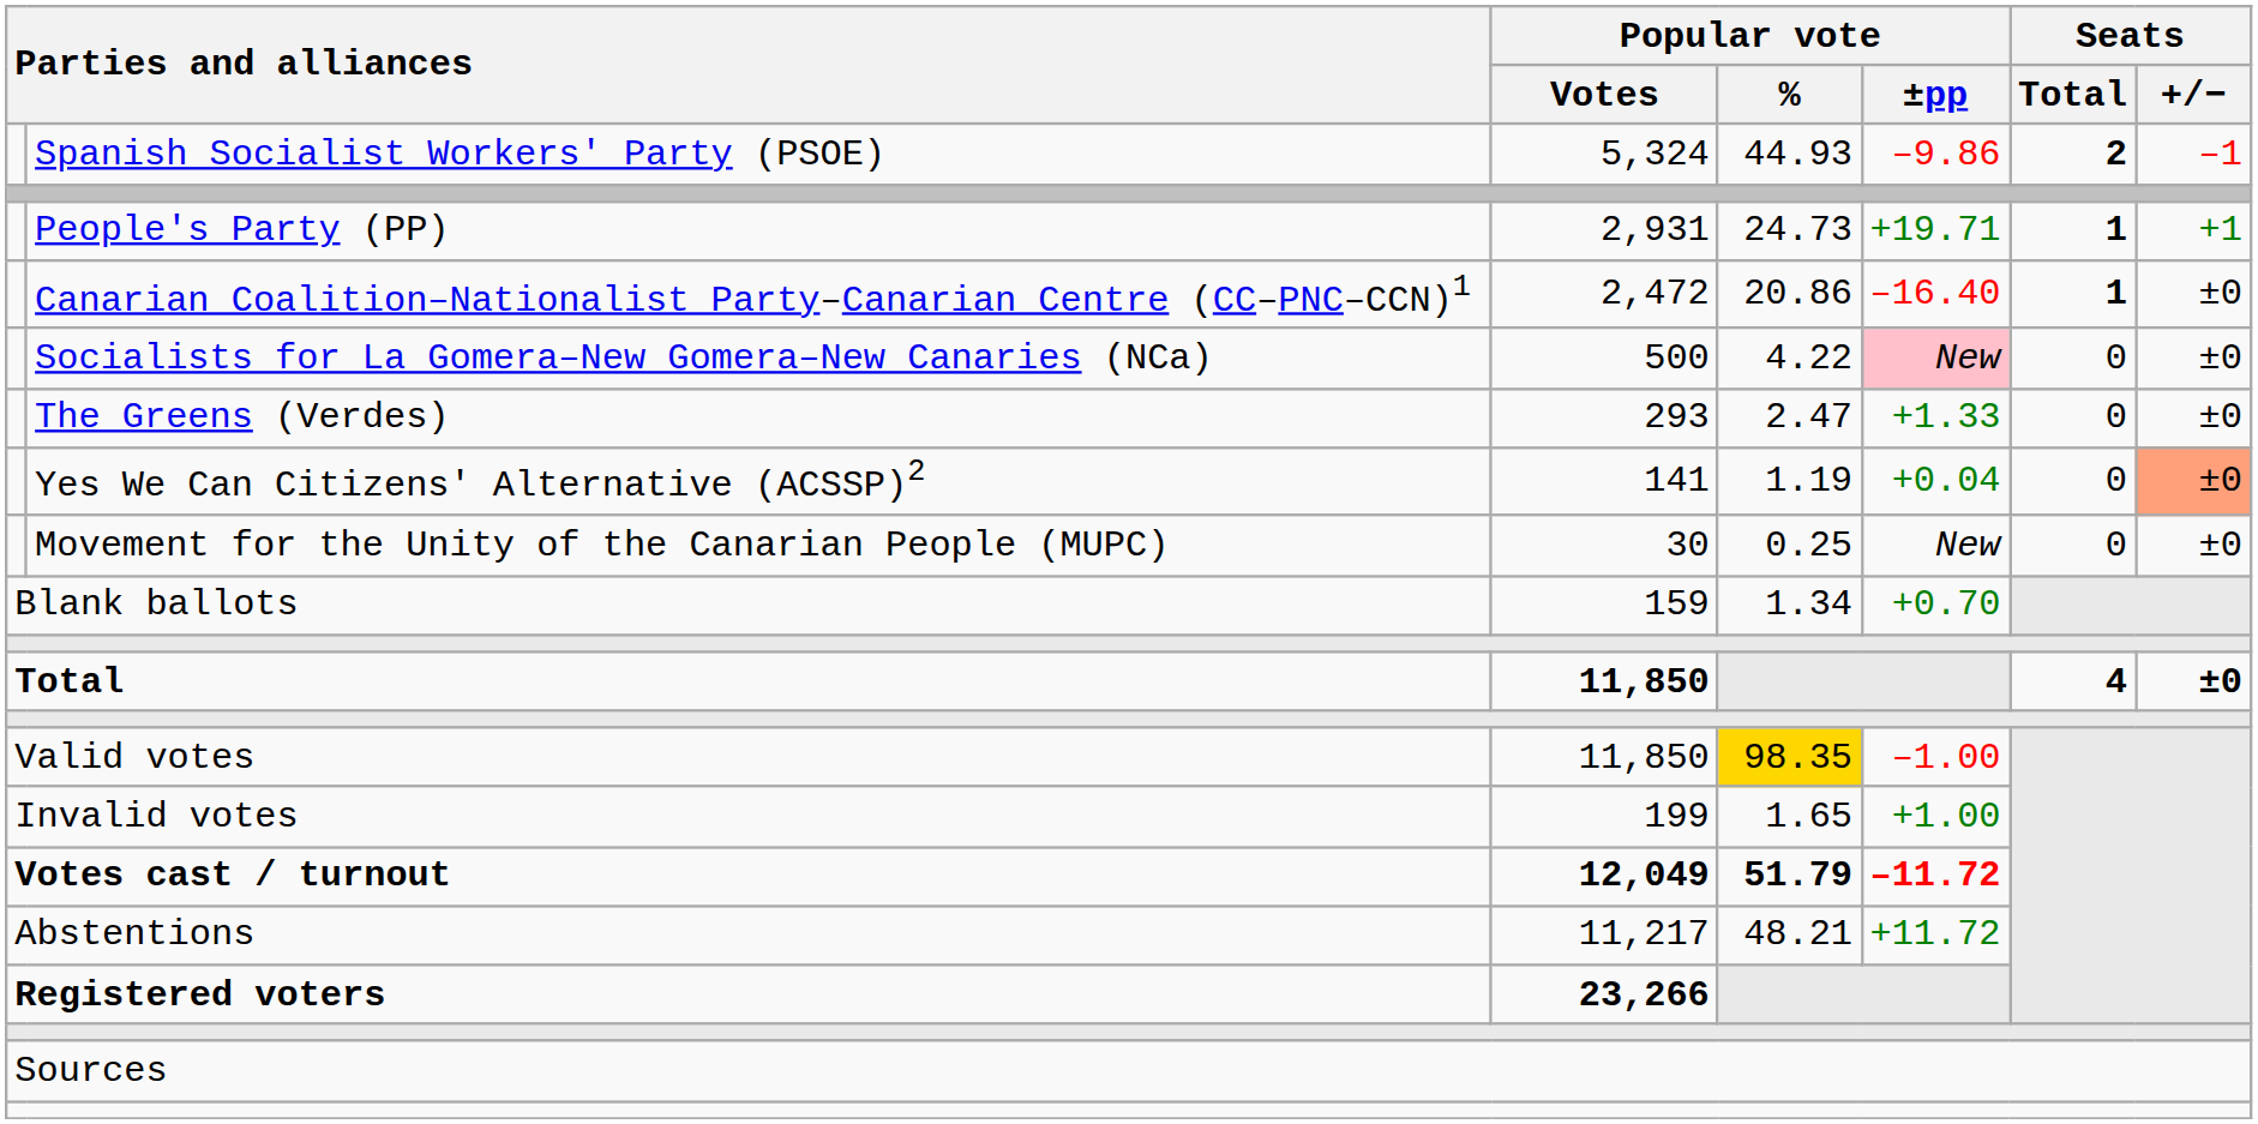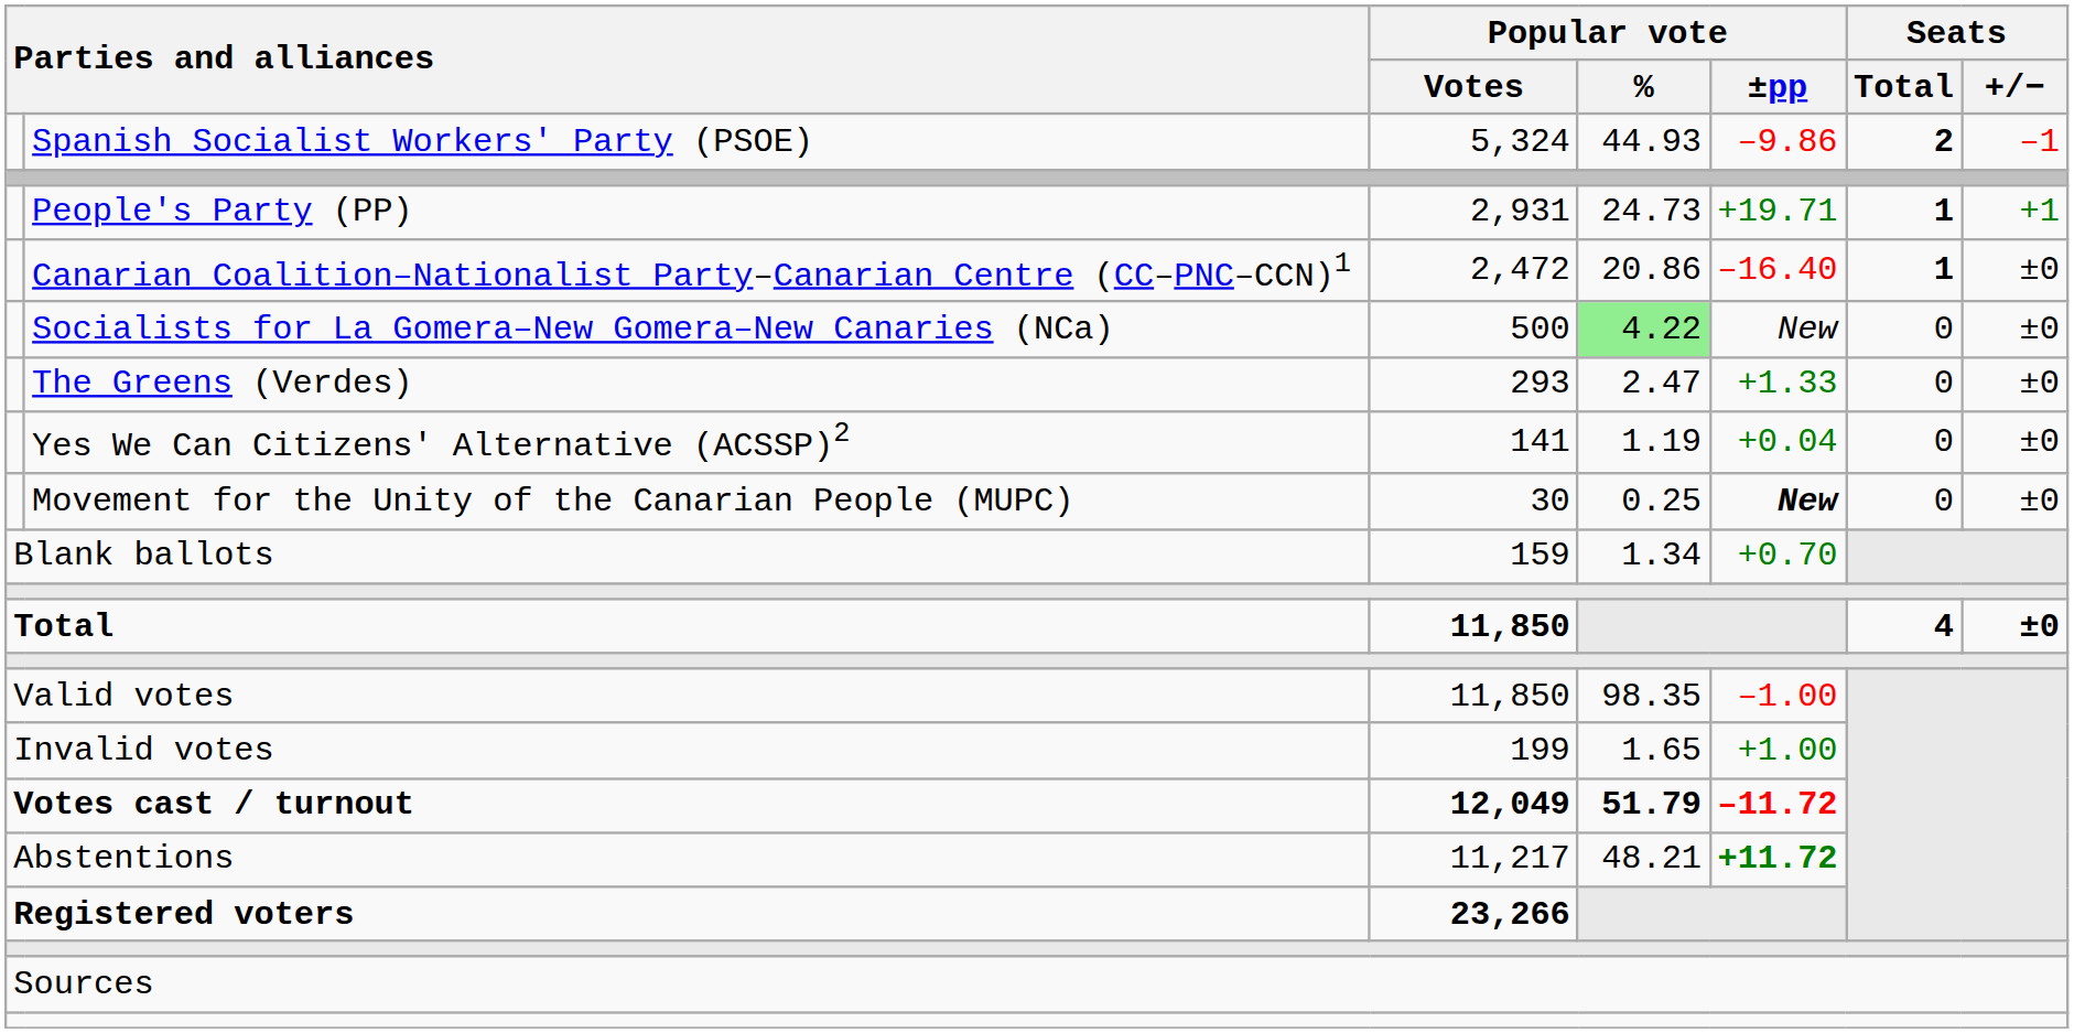 <table class="wikitable" style="text-align:right;">
 <tr>
 <th style="text-align:left;" rowspan="2" colspan="2" width="525">Parties and alliances</th>
 <th colspan="3">Popular vote</th>
 <th colspan="2">Seats</th>
 </tr>
 <tr>
 <th width="75">Votes</th>
 <th width="45">%</th>
 <th width="45">±<a href='#'>pp</a></th>
 <th width="35">Total</th>
 <th width="35">+/−</th>
 </tr>
 <tr>
 <td width="1" style="color:inherit;background:"></td>
 <td align="left"><a href='#'>Spanish Socialist Workers' Party</a> (PSOE)</td>
 <td>5,324</td>
 <td>44.93</td>
 <td style="color:red;">–9.86</td>
 <td><strong>2</strong></td>
 <td style="color:red;">–1</td>
 </tr>
 <tr>
 <td colspan="7" bgcolor="#C0C0C0"></td>
 </tr>
 <tr>
 <td style="color:inherit;background:"></td>
 <td align="left"><a href='#'>People's Party</a> (PP)</td>
 <td>2,931</td>
 <td>24.73</td>
 <td style="color:green;">+19.71</td>
 <td><strong>1</strong></td>
 <td style="color:green;">+1</td>
 </tr>
 <tr>
 <td style="color:inherit;background:"></td>
 <td align="left"><a href='#'>Canarian Coalition–Nationalist Party</a>–<a href='#'>Canarian Centre</a> (<a href='#'>CC</a>–<a href='#'>PNC</a>–CCN)<sup>1</sup></td>
 <td>2,472</td>
 <td>20.86</td>
 <td style="color:red;">–16.40</td>
 <td><strong>1</strong></td>
 <td>±0</td>
 </tr>
 <tr>
 <td style="color:inherit;background:"></td>
 <td align="left"><a href='#'>Socialists for La Gomera–New Gomera–New Canaries</a> (NCa)</td>
 <td>500</td>
-<td>4.22</td>
-<td style="background: pink;"><em>New</em></td>
+<td style="background: lightgreen;">4.22</td>
+<td><em>New</em></td>
 <td>0</td>
 <td>±0</td>
 </tr>
 <tr>
 <td style="color:inherit;background:"></td>
 <td align="left"><a href='#'>The Greens</a> (Verdes)</td>
 <td>293</td>
 <td>2.47</td>
 <td style="color:green;">+1.33</td>
 <td>0</td>
 <td>±0</td>
 </tr>
 <tr>
 <td style="color:inherit;background:"></td>
 <td align="left">Yes We Can Citizens' Alternative (ACSSP)<sup>2</sup></td>
 <td>141</td>
 <td>1.19</td>
 <td style="color:green;">+0.04</td>
 <td>0</td>
-<td style="background: lightsalmon;">±0</td>
+<td>±0</td>
 </tr>
 <tr>
 <td style="color:inherit;background:"></td>
 <td align="left">Movement for the Unity of the Canarian People (MUPC)</td>
 <td>30</td>
 <td>0.25</td>
-<td><em>New</em></td>
+<td><strong><em>New</em></strong></td>
 <td>0</td>
 <td>±0</td>
 </tr>
 <tr>
 <td align="left" colspan="2">Blank ballots</td>
 <td>159</td>
 <td>1.34</td>
 <td style="color:green;">+0.70</td>
 <td bgcolor="#E9E9E9" colspan="2"></td>
 </tr>
 <tr>
 <td colspan="7" bgcolor="#E9E9E9"></td>
 </tr>
 <tr style="font-weight:bold;">
 <td align="left" colspan="2">Total</td>
 <td>11,850</td>
 <td bgcolor="#E9E9E9" colspan="2"></td>
 <td>4</td>
 <td>±0</td>
 </tr>
 <tr>
 <td colspan="7" bgcolor="#E9E9E9"></td>
 </tr>
 <tr>
 <td align="left" colspan="2">Valid votes</td>
 <td>11,850</td>
-<td style="background: gold;">98.35</td>
+<td>98.35</td>
 <td style="color:red;">–1.00</td>
 <td bgcolor="#E9E9E9" colspan="2" rowspan="5"></td>
 </tr>
 <tr>
 <td align="left" colspan="2">Invalid votes</td>
 <td>199</td>
 <td>1.65</td>
 <td style="color:green;">+1.00</td>
 </tr>
 <tr style="font-weight:bold;">
 <td align="left" colspan="2">Votes cast / turnout</td>
 <td>12,049</td>
 <td>51.79</td>
 <td style="color:red;">–11.72</td>
 </tr>
 <tr>
 <td align="left" colspan="2">Abstentions</td>
 <td>11,217</td>
 <td>48.21</td>
-<td style="color:green;">+11.72</td>
+<td style="color:green;"><strong>+11.72</strong></td>
 </tr>
 <tr style="font-weight:bold;">
 <td align="left" colspan="2">Registered voters</td>
 <td>23,266</td>
 <td bgcolor="#E9E9E9" colspan="2"></td>
 </tr>
 <tr>
 <td colspan="7" bgcolor="#E9E9E9"></td>
 </tr>
 <tr>
 <td align="left" colspan="7">Sources</td>
 </tr>
 <tr>
 <td colspan="7" style="text-align:left; max-width:790px;"></td>
 </tr>
 </table>
